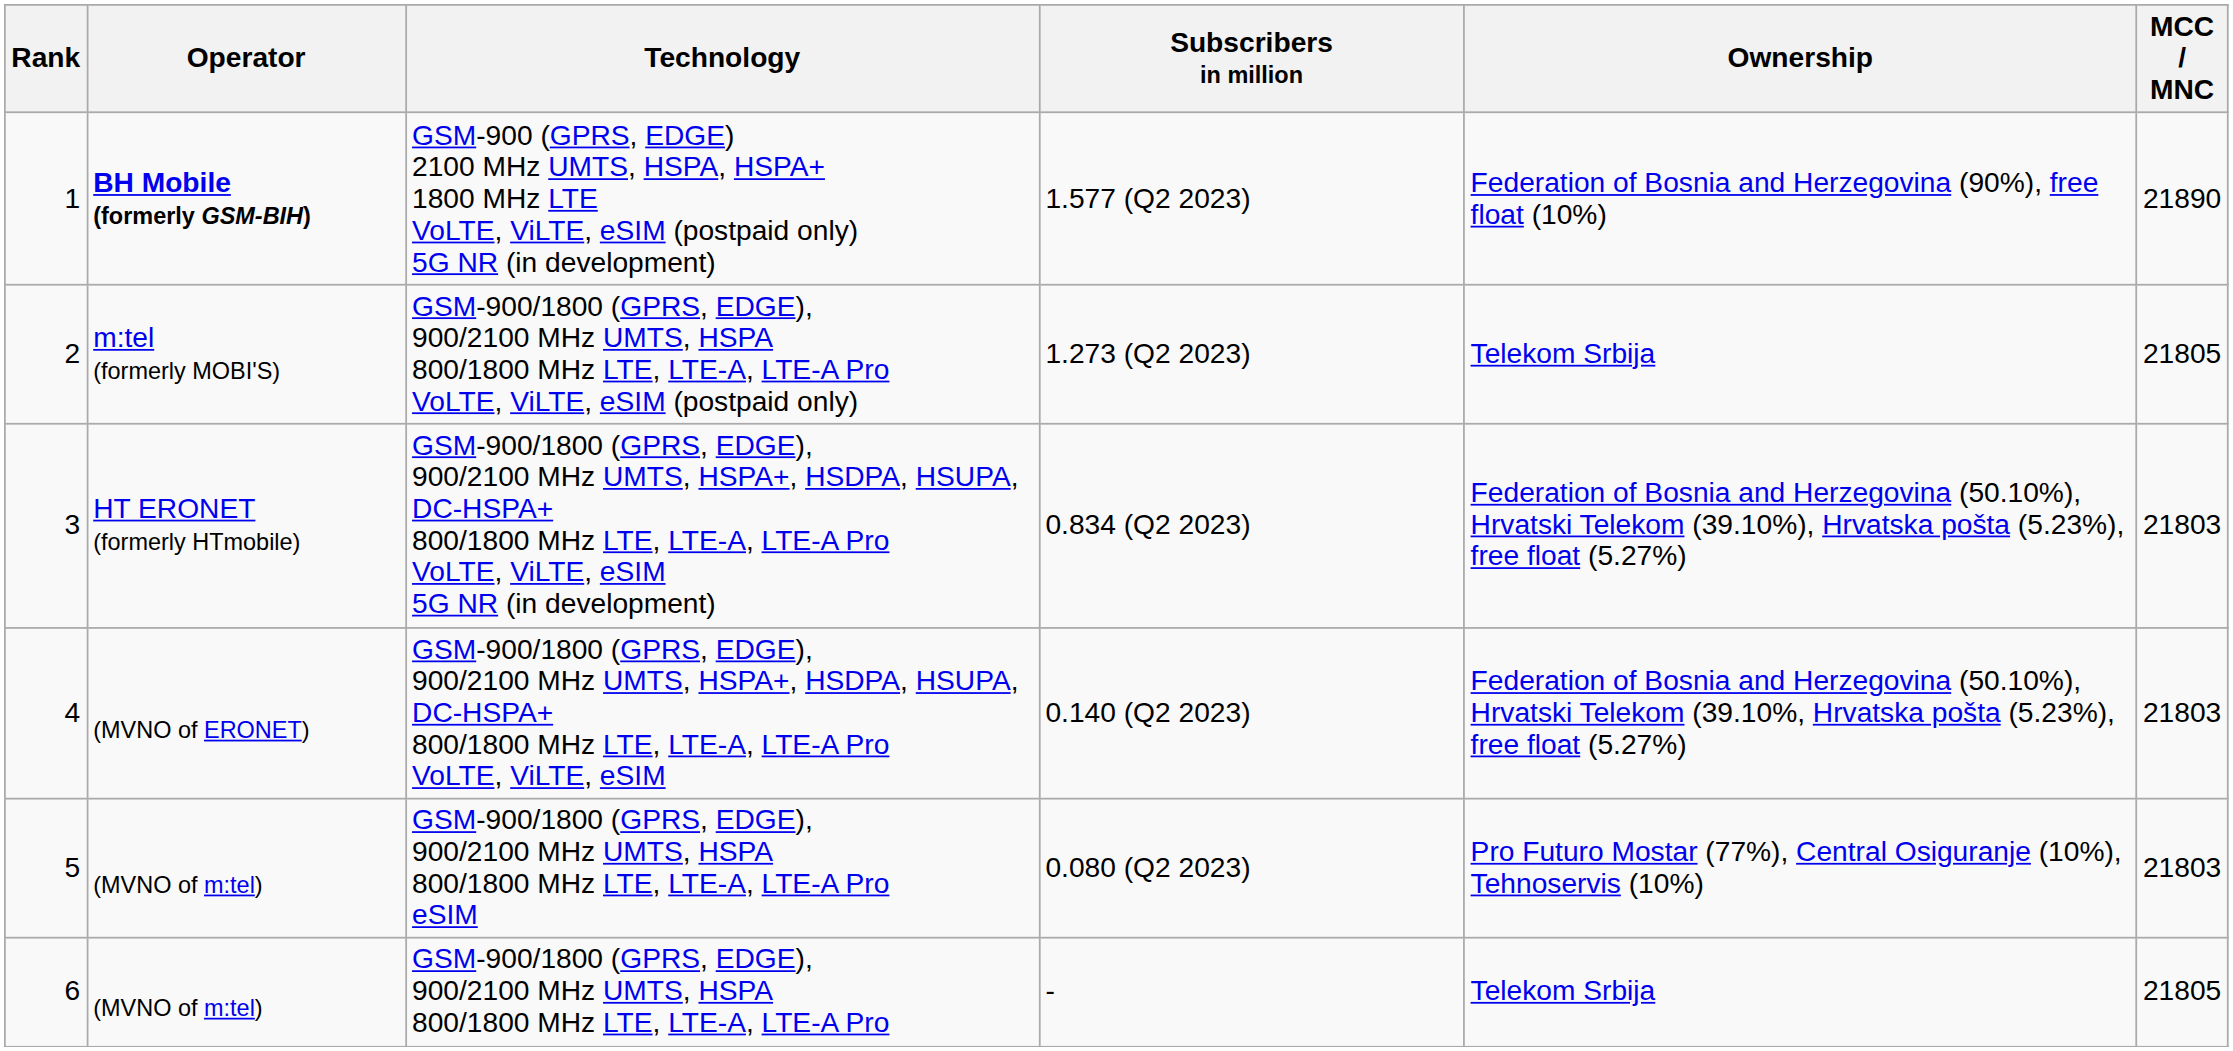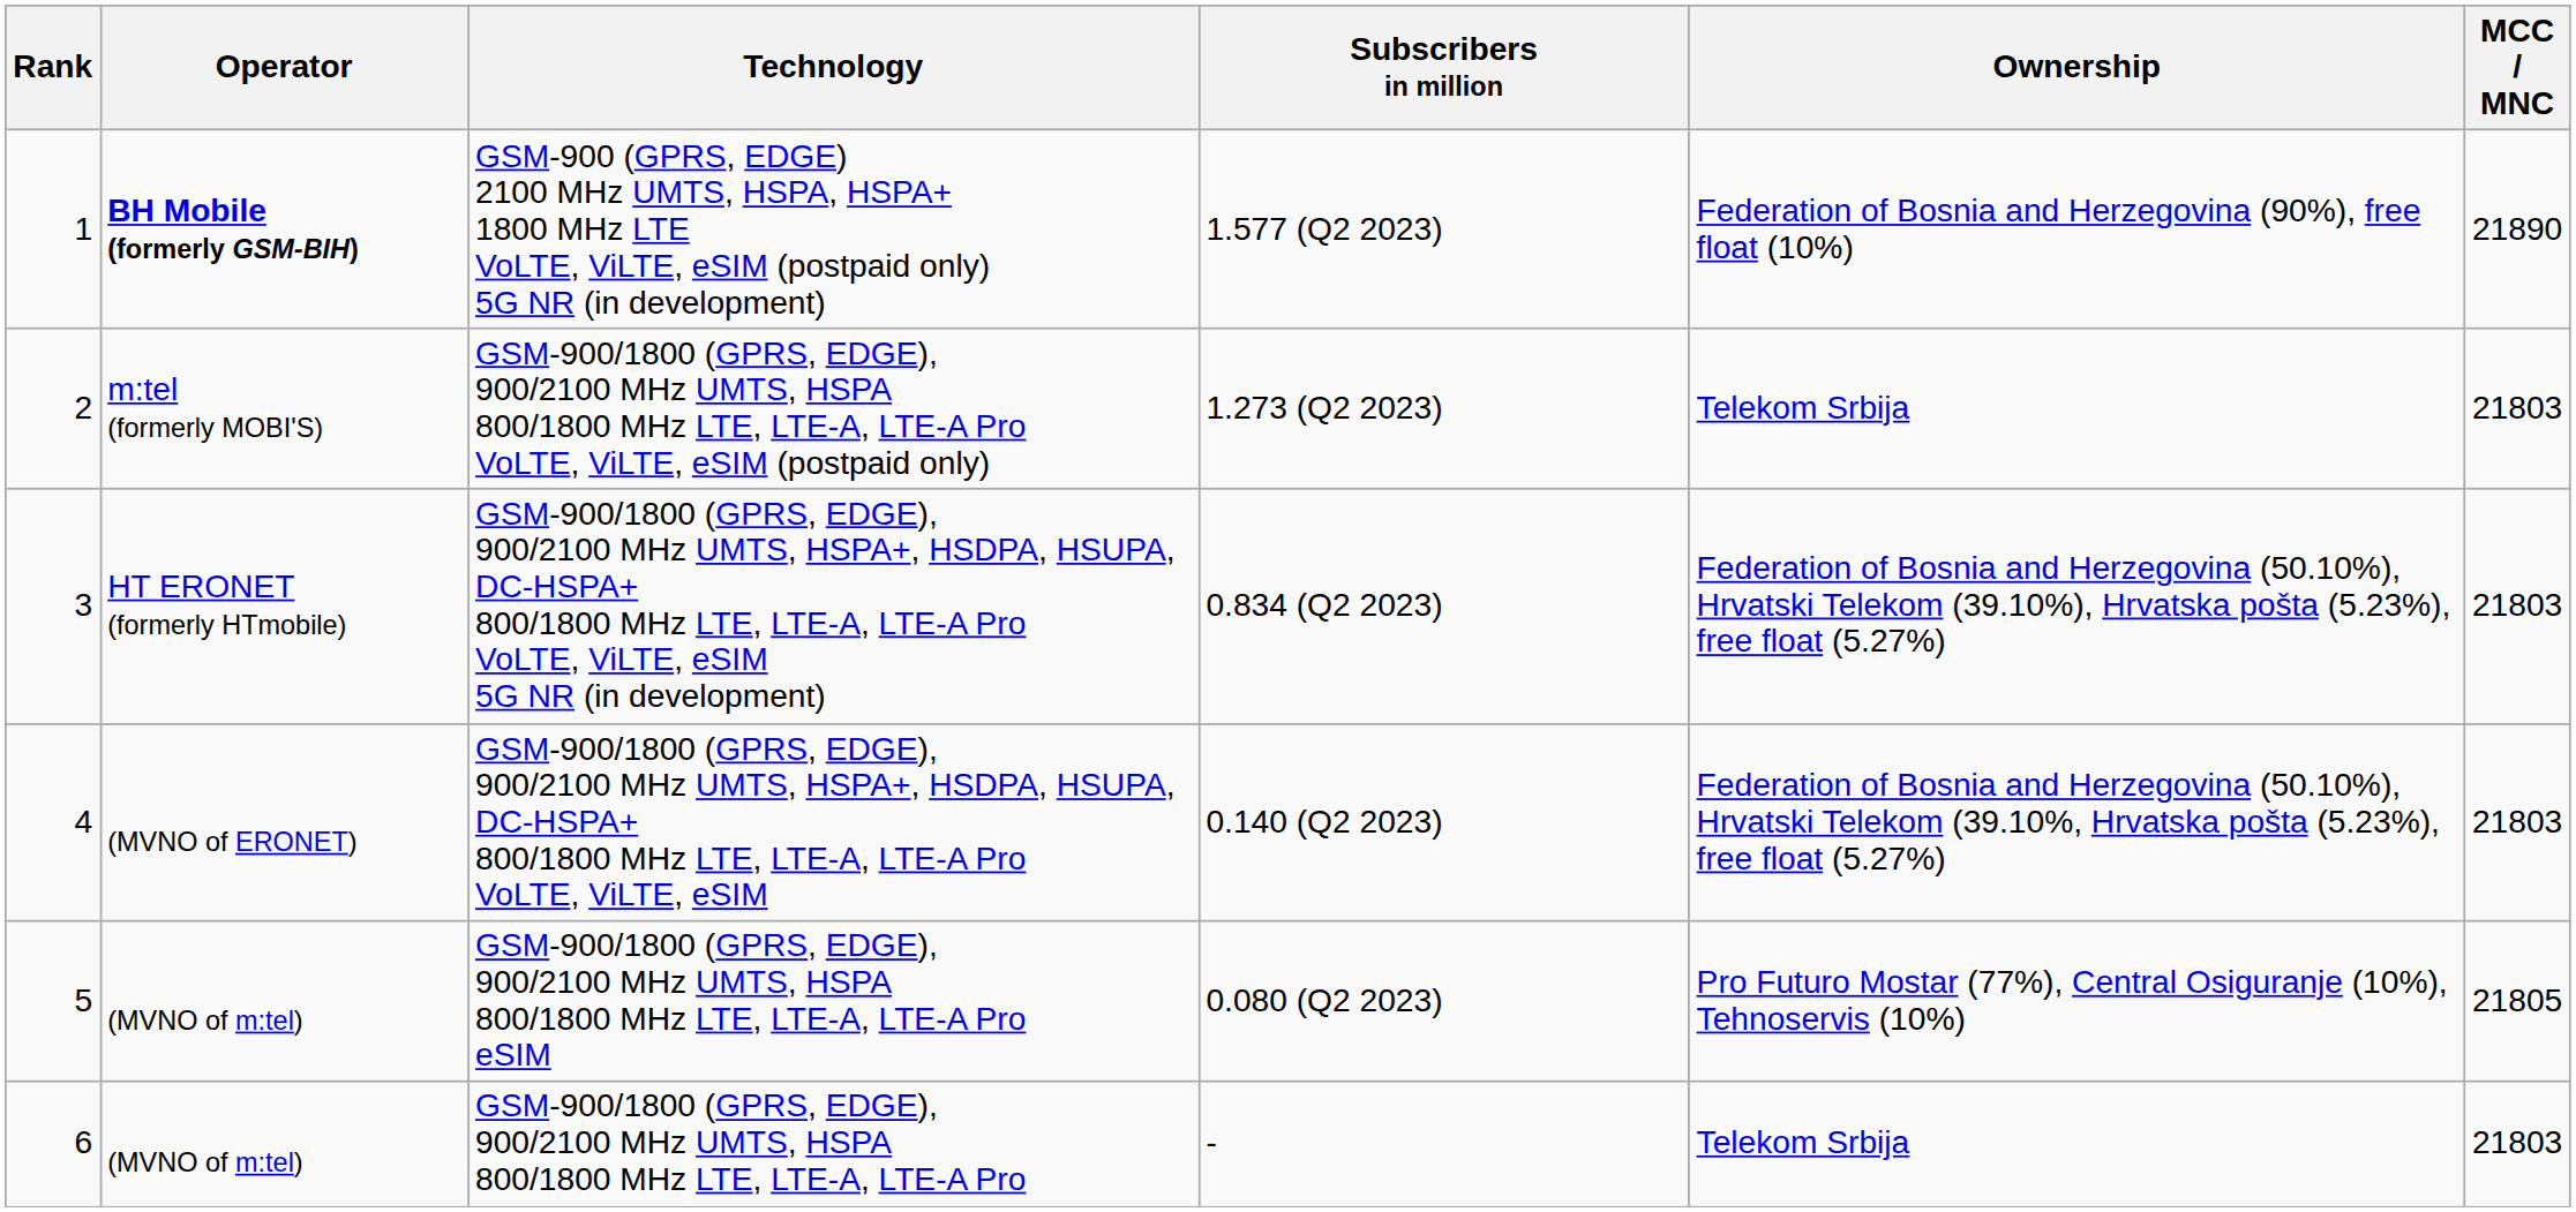 <table class="wikitable" style="width:100%;">
 <tr>
 <th style="width:3%;">Rank</th>
 <th style="width:15%;">Operator</th>
 <th style="width:30%;">Technology</th>
 <th style="width:20%;">Subscribers <br><small>in million</small></th>
 <th style="width:32%;">Ownership</th>
 <th>MCC / MNC</th>
 </tr>
 <tr>
 <td align=right>1</td>
 <td><strong><a href='#'>BH Mobile</a><br><small>(formerly <em>GSM-BIH</em>)</small></strong></td>
 <td><a href='#'>GSM</a>-900 (<a href='#'>GPRS</a>, <a href='#'>EDGE</a>) <br> 2100 MHz <a href='#'>UMTS</a>, <a href='#'>HSPA</a>, <a href='#'>HSPA+</a><br>1800 MHz <a href='#'>LTE</a><br><a href='#'>VoLTE</a>, <a href='#'>ViLTE</a>, <a href='#'>eSIM</a> (postpaid only)<br><a href='#'>5G NR</a> (in development)</td>
 <td>1.577 (Q2 2023)</td>
 <td><a href='#'>Federation of Bosnia and Herzegovina</a> (90%), <a href='#'>free float</a> (10%)</td>
 <td>21890</td>
 </tr>
 <tr>
 <td align=right>2</td>
 <td><a href='#'>m:tel</a><br><small>(formerly MOBI'S)</small></td>
 <td><a href='#'>GSM</a>-900/1800 (<a href='#'>GPRS</a>, <a href='#'>EDGE</a>), <br> 900/2100 MHz <a href='#'>UMTS</a>, <a href='#'>HSPA</a><br>800/1800 MHz <a href='#'>LTE</a>, <a href='#'>LTE-A</a>, <a href='#'>LTE-A Pro</a><br><a href='#'>VoLTE</a>, <a href='#'>ViLTE</a>, <a href='#'>eSIM</a> (postpaid only)</td>
 <td>1.273 (Q2 2023)</td>
 <td><a href='#'>Telekom Srbija</a></td>
-<td>21805</td>
+<td>21803</td>
 </tr>
 <tr>
 <td align=right>3</td>
 <td><a href='#'>HT ERONET</a><br><small>(formerly HTmobile)</small></td>
 <td><a href='#'>GSM</a>-900/1800 (<a href='#'>GPRS</a>, <a href='#'>EDGE</a>), <br> 900/2100 MHz <a href='#'>UMTS</a>, <a href='#'>HSPA+</a>, <a href='#'>HSDPA</a>, <a href='#'>HSUPA</a>, <a href='#'>DC-HSPA+</a><br>800/1800 MHz <a href='#'>LTE</a>, <a href='#'>LTE-A</a>, <a href='#'>LTE-A Pro</a><br><a href='#'>VoLTE</a>, <a href='#'>ViLTE</a>, <a href='#'>eSIM</a><br><a href='#'>5G NR</a> (in development)</td>
 <td>0.834 (Q2 2023)</td>
 <td><a href='#'>Federation of Bosnia and Herzegovina</a> (50.10%),<br><a href='#'>Hrvatski Telekom</a> (39.10%), <a href='#'>Hrvatska pošta</a> (5.23%), <a href='#'>free float</a> (5.27%)</td>
 <td>21803</td>
 </tr>
 <tr>
 <td align=right>4</td>
 <td><br><small>(MVNO of <a href='#'>ERONET</a>)</small></td>
 <td><a href='#'>GSM</a>-900/1800 (<a href='#'>GPRS</a>, <a href='#'>EDGE</a>), <br> 900/2100 MHz <a href='#'>UMTS</a>, <a href='#'>HSPA+</a>, <a href='#'>HSDPA</a>, <a href='#'>HSUPA</a>, <a href='#'>DC-HSPA+</a><br>800/1800 MHz <a href='#'>LTE</a>, <a href='#'>LTE-A</a>, <a href='#'>LTE-A Pro</a><br><a href='#'>VoLTE</a>, <a href='#'>ViLTE</a>, <a href='#'>eSIM</a></td>
 <td>0.140 (Q2 2023)</td>
 <td><a href='#'>Federation of Bosnia and Herzegovina</a> (50.10%),<br><a href='#'>Hrvatski Telekom</a> (39.10%, <a href='#'>Hrvatska pošta</a> (5.23%), <a href='#'>free float</a>  (5.27%)</td>
 <td>21803</td>
 </tr>
 <tr>
 <td align=right>5</td>
 <td><br><small>(MVNO of <a href='#'>m:tel</a>)</small></td>
 <td><a href='#'>GSM</a>-900/1800 (<a href='#'>GPRS</a>, <a href='#'>EDGE</a>), <br> 900/2100 MHz <a href='#'>UMTS</a>, <a href='#'>HSPA</a><br>800/1800 MHz <a href='#'>LTE</a>, <a href='#'>LTE-A</a>, <a href='#'>LTE-A Pro</a><br><a href='#'>eSIM</a></td>
 <td>0.080 (Q2 2023)</td>
 <td><a href='#'>Pro Futuro Mostar</a> (77%), <a href='#'>Central Osiguranje</a> (10%), <a href='#'>Tehnoservis</a> (10%)</td>
-<td>21803</td>
+<td>21805</td>
 </tr>
 <tr>
 <td align=right>6</td>
 <td><br><small>(MVNO of <a href='#'>m:tel</a>)</small></td>
 <td><a href='#'>GSM</a>-900/1800 (<a href='#'>GPRS</a>, <a href='#'>EDGE</a>), <br> 900/2100 MHz <a href='#'>UMTS</a>, <a href='#'>HSPA</a><br>800/1800 MHz <a href='#'>LTE</a>, <a href='#'>LTE-A</a>, <a href='#'>LTE-A Pro</a></td>
 <td>-</td>
 <td><a href='#'>Telekom Srbija</a></td>
-<td>21805</td>
+<td>21803</td>
 </tr>
 </table>
